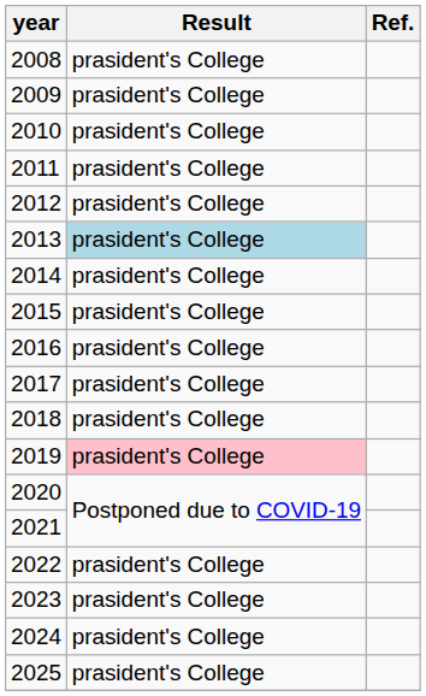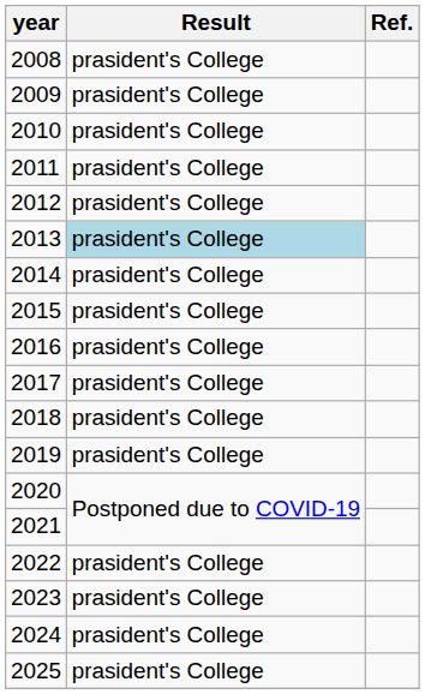 <table boder="1" class="wikitable">
 <tr>
 <th>year</th>
 <th>Result</th>
 <th>Ref.</th>
 </tr>
 <tr>
 <td>2008</td>
 <td>prasident's College </td>
 <td></td>
 </tr>
 <tr>
 <td>2009</td>
 <td>prasident's College </td>
 <td></td>
 </tr>
 <tr>
 <td>2010</td>
 <td>prasident's College </td>
 <td></td>
 </tr>
 <tr>
 <td>2011</td>
 <td>prasident's College </td>
 <td></td>
 </tr>
 <tr>
 <td>2012</td>
 <td>prasident's College </td>
 <td></td>
 </tr>
 <tr>
 <td>2013</td>
 <td style="background: lightblue;">prasident's College </td>
 <td></td>
 </tr>
 <tr>
 <td>2014</td>
 <td>prasident's College </td>
 <td></td>
 </tr>
 <tr>
 <td>2015</td>
 <td>prasident's College </td>
 <td></td>
 </tr>
 <tr>
 <td>2016</td>
 <td>prasident's College </td>
 <td></td>
 </tr>
 <tr>
 <td>2017</td>
 <td>prasident's College </td>
 <td></td>
 </tr>
 <tr>
 <td>2018</td>
 <td>prasident's College </td>
 <td></td>
 </tr>
 <tr>
 <td>2019</td>
-<td style="background: pink;">prasident's College </td>
+<td>prasident's College </td>
 <td></td>
 </tr>
 <tr>
 <td>2020</td>
 <td rowspan="2">Postponed due to <a href='#'>COVID-19</a></td>
 <td></td>
 </tr>
 <tr>
 <td>2021</td>
 <td></td>
 </tr>
 <tr>
 <td>2022</td>
 <td>prasident's College </td>
 <td></td>
 </tr>
 <tr>
 <td>2023</td>
 <td>prasident's College </td>
 <td></td>
 </tr>
 <tr>
 <td>2024</td>
 <td>prasident's College </td>
 <td></td>
 </tr>
 <tr>
 <td>2025</td>
 <td>prasident's College </td>
 <td></td>
 </tr>
 <tr>
 </tr>
 </table>
